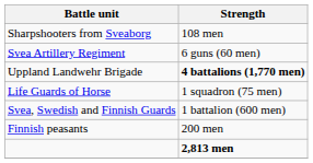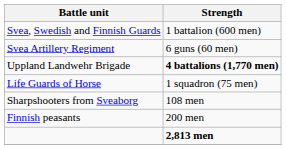 <table class="wikitable">
 <tr>
 <th>Battle unit</th>
 <th>Strength</th>
 </tr>
 <tr>
-<td>Sharpshooters from <a href='#'>Sveaborg</a></td>
-<td>108 men</td>
+<td><a href='#'>Svea</a>, <a href='#'>Swedish</a> and <a href='#'>Finnish Guards</a></td>
+<td>1 battalion (600 men)</td>
 </tr>
 <tr>
 <td><a href='#'>Svea Artillery Regiment</a></td>
 <td>6 guns (60 men)</td>
 </tr>
 <tr>
 <td>Uppland Landwehr Brigade</td>
 <td><strong>4 battalions (1,770 men)</strong></td>
 </tr>
 <tr>
 <td><a href='#'>Life Guards of Horse</a></td>
 <td>1 squadron (75 men)</td>
 </tr>
 <tr>
-<td><a href='#'>Svea</a>, <a href='#'>Swedish</a> and <a href='#'>Finnish Guards</a></td>
-<td>1 battalion (600 men)</td>
+<td>Sharpshooters from <a href='#'>Sveaborg</a></td>
+<td>108 men</td>
 </tr>
 <tr>
 <td><a href='#'>Finnish</a> peasants</td>
 <td>200 men</td>
 </tr>
 <tr>
 <td></td>
 <td><strong>2,813 men</strong></td>
 </tr>
 <tr>
 </tr>
 </table>
